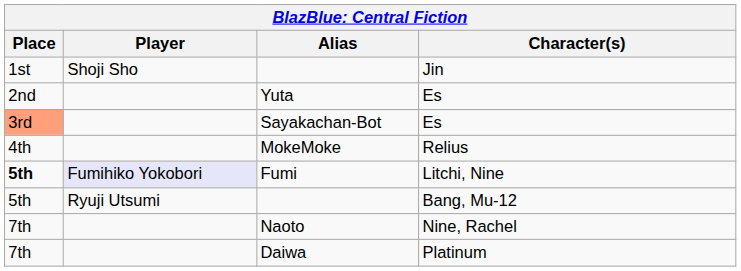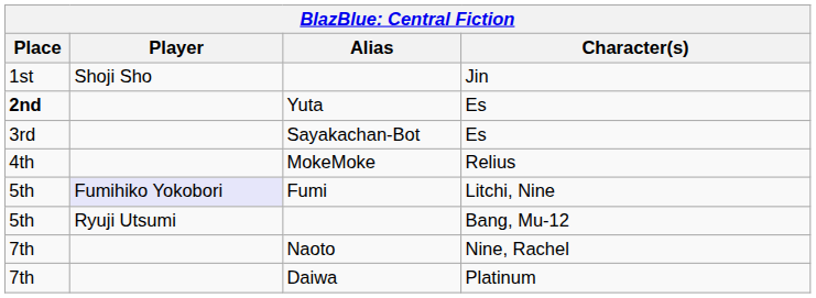 <table class="wikitable">
 <tr>
 <th colspan=5><em><a href='#'>BlazBlue: Central Fiction</a></em></th>
 </tr>
 <tr>
 <th style="width:50px;">Place</th>
 <th style="width:180px;">Player</th>
 <th style="width:150px;">Alias</th>
 <th style="width:300px;">Character(s)</th>
 </tr>
 <tr>
 <td>1st</td>
 <td> Shoji Sho</td>
 <td></td>
 <td>Jin</td>
 </tr>
 <tr>
-<td>2nd</td>
+<td><strong>2nd</strong></td>
 <td></td>
 <td>Yuta</td>
 <td>Es</td>
 </tr>
 <tr>
-<td style="background: lightsalmon;">3rd</td>
+<td>3rd</td>
 <td></td>
 <td>Sayakachan-Bot</td>
 <td>Es</td>
 </tr>
 <tr>
 <td>4th</td>
 <td></td>
 <td>MokeMoke</td>
 <td>Relius</td>
 </tr>
 <tr>
-<td><strong>5th</strong></td>
+<td>5th</td>
 <td style="background: lavender;"> Fumihiko Yokobori</td>
 <td>Fumi</td>
 <td>Litchi, Nine</td>
 </tr>
 <tr>
 <td>5th</td>
 <td> Ryuji Utsumi</td>
 <td></td>
 <td>Bang, Mu-12</td>
 </tr>
 <tr>
 <td>7th</td>
 <td></td>
 <td>Naoto</td>
 <td>Nine, Rachel</td>
 </tr>
 <tr>
 <td>7th</td>
 <td></td>
 <td>Daiwa</td>
 <td>Platinum</td>
 </tr>
 </table>
